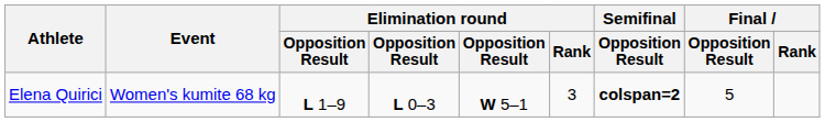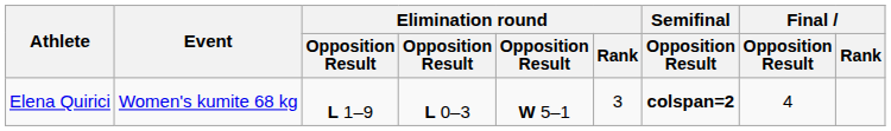 <table class=wikitable style=font-size:90%;text-align:center>
 <tr>
 <th rowspan=2>Athlete</th>
 <th rowspan=2>Event</th>
 <th colspan=4>Elimination round</th>
 <th>Semifinal</th>
 <th colspan=2>Final / </th>
 </tr>
 <tr style=font-size:95%>
 <th>Opposition<br>Result</th>
 <th>Opposition<br>Result</th>
 <th>Opposition<br>Result</th>
 <th>Rank</th>
 <th>Opposition<br>Result</th>
 <th>Opposition<br>Result</th>
 <th>Rank</th>
 </tr>
 <tr>
 <td align=left><a href='#'>Elena Quirici</a></td>
 <td align=left><a href='#'>Women's kumite 68 kg</a></td>
 <td><br><strong>L</strong> 1–9</td>
 <td><br><strong>L</strong> 0–3</td>
 <td><br><strong>W</strong> 5–1</td>
 <td>3</td>
 <td><strong>colspan=2 </strong></td>
-<td>5</td>
+<td>4</td>
 </tr>
 </table>
